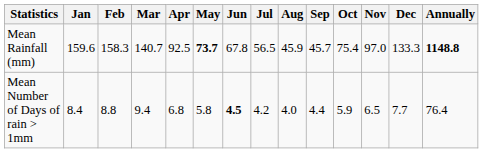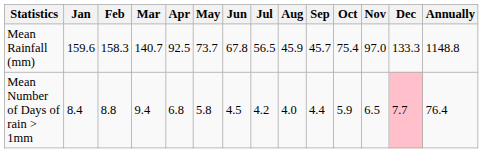 <table class="wikitable">
 <tr>
 <th>Statistics</th>
 <th>Jan</th>
 <th>Feb</th>
 <th>Mar</th>
 <th>Apr</th>
 <th>May</th>
 <th>Jun</th>
 <th>Jul</th>
 <th>Aug</th>
 <th>Sep</th>
 <th>Oct</th>
 <th>Nov</th>
 <th>Dec</th>
 <th>Annually</th>
 </tr>
 <tr>
 <td>Mean Rainfall (mm)</td>
 <td>159.6</td>
 <td>158.3</td>
 <td>140.7</td>
 <td>92.5</td>
-<td><strong>73.7</strong></td>
+<td>73.7</td>
 <td>67.8</td>
 <td>56.5</td>
 <td>45.9</td>
 <td>45.7</td>
 <td>75.4</td>
 <td>97.0</td>
 <td>133.3</td>
-<td><strong>1148.8</strong></td>
+<td>1148.8</td>
 </tr>
 <tr>
 <td>Mean Number of Days of rain > 1mm</td>
 <td>8.4</td>
 <td>8.8</td>
 <td>9.4</td>
 <td>6.8</td>
 <td>5.8</td>
-<td><strong>4.5</strong></td>
+<td>4.5</td>
 <td>4.2</td>
 <td>4.0</td>
 <td>4.4</td>
 <td>5.9</td>
 <td>6.5</td>
-<td>7.7</td>
+<td style="background: pink;">7.7</td>
 <td>76.4</td>
 </tr>
 </table>
